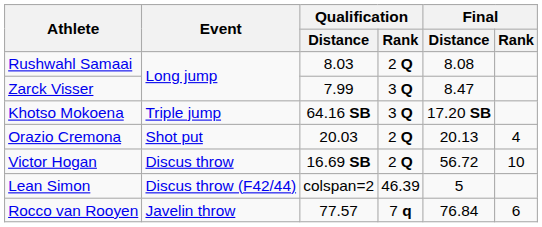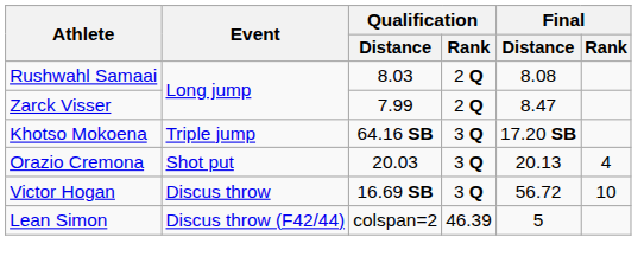 <table class=wikitable style=font-size:90%>
 <tr>
 <th rowspan=2>Athlete</th>
 <th rowspan=2>Event</th>
 <th colspan=2>Qualification</th>
 <th colspan=2>Final</th>
 </tr>
 <tr style=font-size:95%>
 <th>Distance</th>
 <th>Rank</th>
 <th>Distance</th>
 <th>Rank</th>
 </tr>
 <tr align=center>
 <td align=left><a href='#'>Rushwahl Samaai</a></td>
 <td style="text-align:left;" rowspan="2"><a href='#'>Long jump</a></td>
 <td>8.03</td>
 <td>2 <strong>Q</strong></td>
 <td>8.08</td>
 <td></td>
 </tr>
 <tr align=center>
 <td align=left><a href='#'>Zarck Visser</a></td>
 <td>7.99</td>
-<td>3 <strong>Q</strong></td>
+<td>2 <strong>Q</strong></td>
 <td>8.47</td>
 <td></td>
 </tr>
 <tr align=center>
 <td align=left><a href='#'>Khotso Mokoena</a></td>
 <td style="text-align:left;"><a href='#'>Triple jump</a></td>
 <td>64.16 <strong>SB</strong></td>
 <td>3 <strong>Q</strong></td>
 <td>17.20 <strong>SB</strong></td>
 <td></td>
 </tr>
 <tr align=center>
 <td align=left><a href='#'>Orazio Cremona</a></td>
 <td align=left><a href='#'>Shot put</a></td>
 <td>20.03</td>
-<td>2 <strong>Q</strong></td>
+<td>3 <strong>Q</strong></td>
 <td>20.13</td>
 <td>4</td>
 </tr>
 <tr align=center>
 <td align=left><a href='#'>Victor Hogan</a></td>
 <td style="text-align:left;"><a href='#'>Discus throw</a></td>
 <td>16.69 <strong>SB</strong></td>
-<td>2 <strong>Q</strong></td>
+<td>3 <strong>Q</strong></td>
 <td>56.72</td>
 <td>10</td>
 </tr>
 <tr align=center>
 <td align=left><a href='#'>Lean Simon</a></td>
 <td align=left><a href='#'>Discus throw (F42/44)</a></td>
 <td>colspan=2 </td>
 <td>46.39</td>
 <td>5</td>
 </tr>
-<tr align=center>
-<td align=left><a href='#'>Rocco van Rooyen</a></td>
-<td style="text-align:left;"><a href='#'>Javelin throw</a></td>
-<td>77.57</td>
-<td>7 <strong>q</strong></td>
-<td>76.84</td>
-<td>6</td>
-</tr>
 </table>
